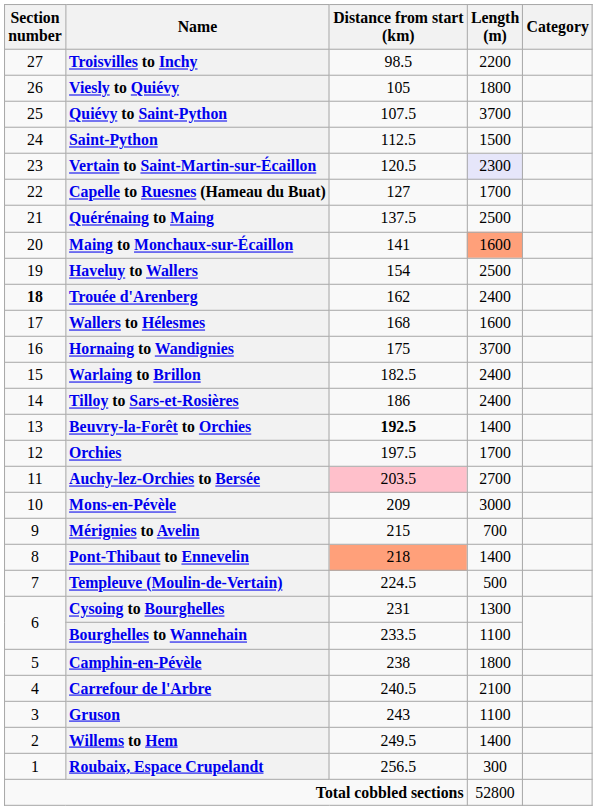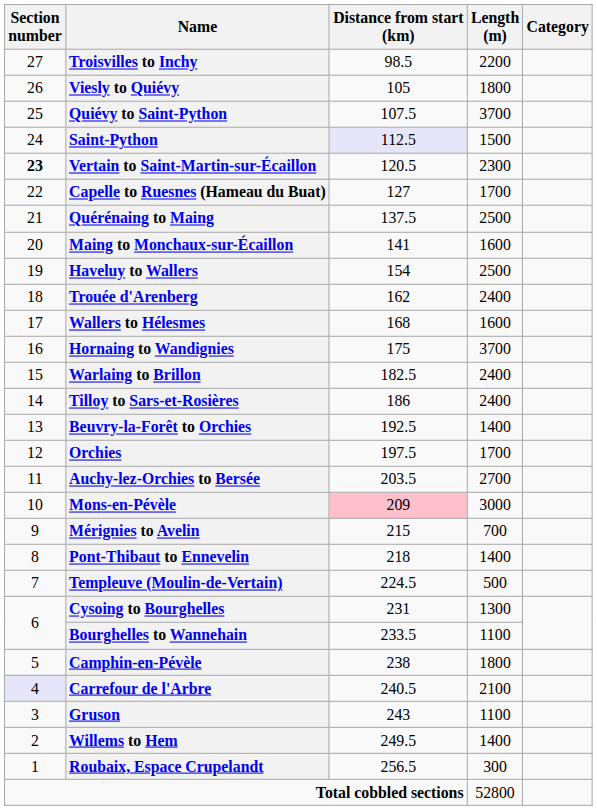 <table class="wikitable plainrowheaders" style="text-align:center; font-size:95%;">
 <tr>
 <th scope=col>Section<br>number</th>
 <th scope=col>Name</th>
 <th scope=col>Distance from start<br>(km)</th>
 <th scope=col>Length<br>(m)</th>
 <th scope=col>Category</th>
 </tr>
 <tr>
 <td>27</td>
 <th scope=row style="text-align:left;"><a href='#'>Troisvilles</a> to <a href='#'>Inchy</a></th>
 <td>98.5</td>
 <td>2200</td>
 <td></td>
 </tr>
 <tr>
 <td>26</td>
 <th scope=row style="text-align:left;"><a href='#'>Viesly</a> to <a href='#'>Quiévy</a></th>
 <td>105</td>
 <td>1800</td>
 <td></td>
 </tr>
 <tr>
 <td>25</td>
 <th scope=row style="text-align:left;"><a href='#'>Quiévy</a> to <a href='#'>Saint-Python</a></th>
 <td>107.5</td>
 <td>3700</td>
 <td></td>
 </tr>
 <tr>
 <td>24</td>
 <th scope=row style="text-align:left;"><a href='#'>Saint-Python</a></th>
-<td>112.5</td>
+<td style="background: lavender;">112.5</td>
 <td>1500</td>
 <td></td>
 </tr>
 <tr>
-<td>23</td>
+<td><strong>23</strong></td>
 <th scope=row style="text-align:left;"><a href='#'>Vertain</a> to <a href='#'>Saint-Martin-sur-Écaillon</a></th>
 <td>120.5</td>
-<td style="background: lavender;">2300</td>
+<td>2300</td>
 <td></td>
 </tr>
 <tr>
 <td>22</td>
 <th scope=row style="text-align:left;"><a href='#'>Capelle</a> to <a href='#'>Ruesnes</a> (Hameau du Buat)</th>
 <td>127</td>
 <td>1700</td>
 <td></td>
 </tr>
 <tr>
 <td>21</td>
 <th scope=row style="text-align:left;"><a href='#'>Quérénaing</a> to <a href='#'>Maing</a></th>
 <td>137.5</td>
 <td>2500</td>
 <td></td>
 </tr>
 <tr>
 <td>20</td>
 <th scope=row style="text-align:left;"><a href='#'>Maing</a> to <a href='#'>Monchaux-sur-Écaillon</a></th>
 <td>141</td>
-<td style="background: lightsalmon;">1600</td>
+<td>1600</td>
 <td></td>
 </tr>
 <tr>
 <td>19</td>
 <th scope=row style="text-align:left;"><a href='#'>Haveluy</a> to <a href='#'>Wallers</a></th>
 <td>154</td>
 <td>2500</td>
 <td></td>
 </tr>
 <tr>
-<td><strong>18</strong></td>
+<td>18</td>
 <th scope=row style="text-align:left;"><a href='#'>Trouée d'Arenberg</a></th>
 <td>162</td>
 <td>2400</td>
 <td></td>
 </tr>
 <tr>
 <td>17</td>
 <th scope=row style="text-align:left;"><a href='#'>Wallers</a> to <a href='#'>Hélesmes</a></th>
 <td>168</td>
 <td>1600</td>
 <td></td>
 </tr>
 <tr>
 <td>16</td>
 <th scope=row style="text-align:left;"><a href='#'>Hornaing</a> to <a href='#'>Wandignies</a></th>
 <td>175</td>
 <td>3700</td>
 <td></td>
 </tr>
 <tr>
 <td>15</td>
 <th scope=row style="text-align:left;"><a href='#'>Warlaing</a> to <a href='#'>Brillon</a></th>
 <td>182.5</td>
 <td>2400</td>
 <td></td>
 </tr>
 <tr>
 <td>14</td>
 <th scope=row style="text-align:left;"><a href='#'>Tilloy</a> to <a href='#'>Sars-et-Rosières</a></th>
 <td>186</td>
 <td>2400</td>
 <td></td>
 </tr>
 <tr>
 <td>13</td>
 <th scope=row style="text-align:left;"><a href='#'>Beuvry-la-Forêt</a> to <a href='#'>Orchies</a></th>
-<td><strong>192.5</strong></td>
+<td>192.5</td>
 <td>1400</td>
 <td></td>
 </tr>
 <tr>
 <td>12</td>
 <th scope=row style="text-align:left;"><a href='#'>Orchies</a></th>
 <td>197.5</td>
 <td>1700</td>
 <td></td>
 </tr>
 <tr>
 <td>11</td>
 <th scope=row style="text-align:left;"><a href='#'>Auchy-lez-Orchies</a> to <a href='#'>Bersée</a></th>
-<td style="background: pink;">203.5</td>
+<td>203.5</td>
 <td>2700</td>
 <td></td>
 </tr>
 <tr>
 <td>10</td>
 <th scope=row style="text-align:left;"><a href='#'>Mons-en-Pévèle</a></th>
-<td>209</td>
+<td style="background: pink;">209</td>
 <td>3000</td>
 <td></td>
 </tr>
 <tr>
 <td>9</td>
 <th scope=row style="text-align:left;"><a href='#'>Mérignies</a> to <a href='#'>Avelin</a></th>
 <td>215</td>
 <td>700</td>
 <td></td>
 </tr>
 <tr>
 <td>8</td>
 <th scope=row style="text-align:left;"><a href='#'>Pont-Thibaut</a> to <a href='#'>Ennevelin</a></th>
-<td style="background: lightsalmon;">218</td>
+<td>218</td>
 <td>1400</td>
 <td></td>
 </tr>
 <tr>
 <td>7</td>
 <th scope=row style="text-align:left;"><a href='#'>Templeuve (Moulin-de-Vertain)</a></th>
 <td>224.5</td>
 <td>500</td>
 <td></td>
 </tr>
 <tr>
 <td rowspan="2">6</td>
 <th scope=row style="text-align:left;"><a href='#'>Cysoing</a> to <a href='#'>Bourghelles</a></th>
 <td>231</td>
 <td>1300</td>
 <td rowspan="2"></td>
 </tr>
 <tr>
 <th scope=row style="text-align:left;"><a href='#'>Bourghelles</a> to <a href='#'>Wannehain</a></th>
 <td>233.5</td>
 <td>1100</td>
 </tr>
 <tr>
 <td>5</td>
 <th scope=row style="text-align:left;"><a href='#'>Camphin-en-Pévèle</a></th>
 <td>238</td>
 <td>1800</td>
 <td></td>
 </tr>
 <tr>
-<td>4</td>
+<td style="background: lavender;">4</td>
 <th scope=row style="text-align:left;"><a href='#'>Carrefour de l'Arbre</a></th>
 <td>240.5</td>
 <td>2100</td>
 <td></td>
 </tr>
 <tr>
 <td>3</td>
 <th scope=row style="text-align:left;"><a href='#'>Gruson</a></th>
 <td>243</td>
 <td>1100</td>
 <td></td>
 </tr>
 <tr>
 <td>2</td>
 <th scope=row style="text-align:left;"><a href='#'>Willems</a> to <a href='#'>Hem</a></th>
 <td>249.5</td>
 <td>1400</td>
 <td></td>
 </tr>
 <tr>
 <td>1</td>
 <th scope=row style="text-align:left;"><a href='#'>Roubaix, Espace Crupelandt</a></th>
 <td>256.5</td>
 <td>300</td>
 <td></td>
 </tr>
 <tr>
 <td style="text-align:right;" colspan=3><strong>Total cobbled sections</strong></td>
 <td>52800</td>
 <td></td>
 </tr>
 </table>
